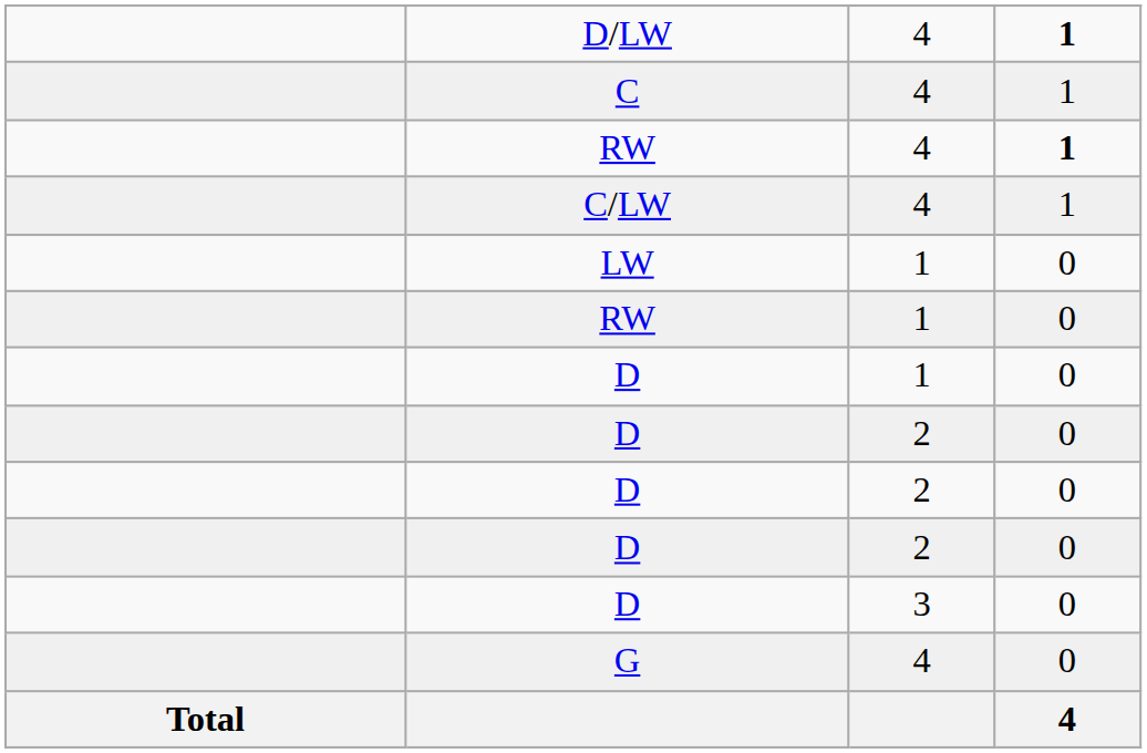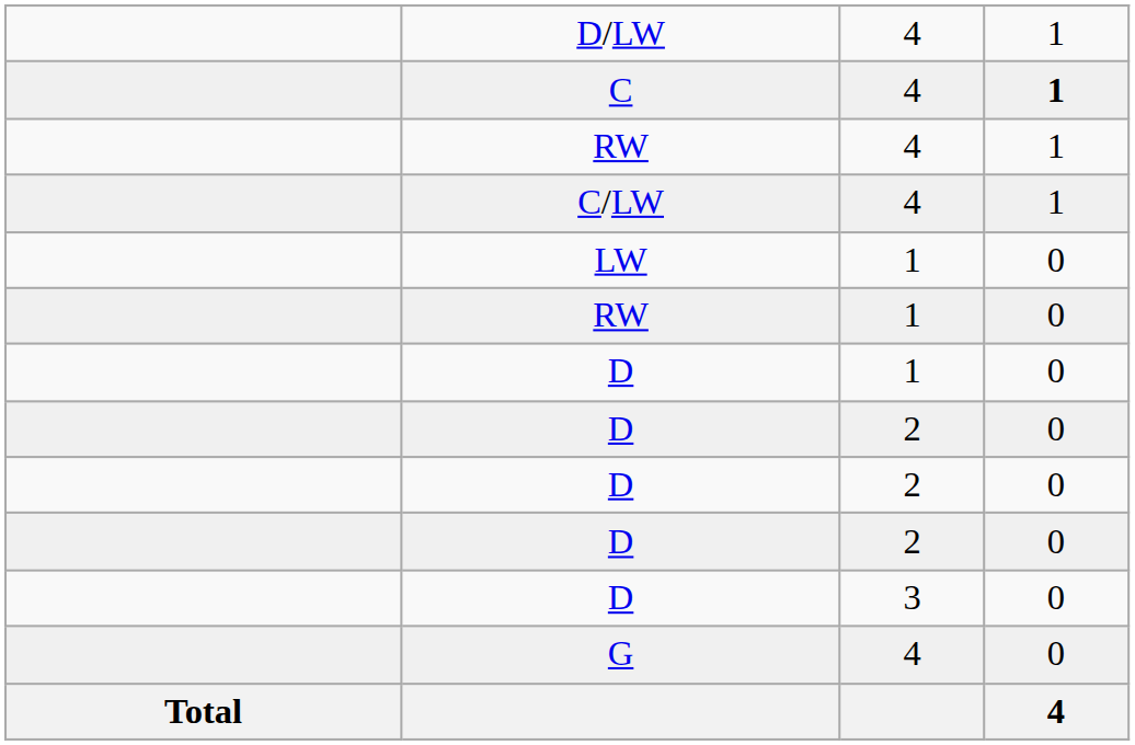 <table class="wikitable sortable" width ="40%">
 <tr align="center">
 </tr>
 <tr align="center" bgcolor="">
 <td></td>
 <td><a href='#'>D</a>/<a href='#'>LW</a></td>
 <td>4</td>
-<td><strong>1</strong></td>
+<td>1</td>
 </tr>
 <tr align="center" bgcolor="f0f0f0">
 <td></td>
 <td><a href='#'>C</a></td>
 <td>4</td>
-<td>1</td>
+<td><strong>1</strong></td>
 </tr>
 <tr align="center" bgcolor="">
 <td></td>
 <td><a href='#'>RW</a></td>
 <td>4</td>
-<td><strong>1</strong></td>
+<td>1</td>
 </tr>
 <tr align="center" bgcolor="f0f0f0">
 <td></td>
 <td><a href='#'>C</a>/<a href='#'>LW</a></td>
 <td>4</td>
 <td>1</td>
 </tr>
 <tr align="center" bgcolor="">
 <td></td>
 <td><a href='#'>LW</a></td>
 <td>1</td>
 <td>0</td>
 </tr>
 <tr align="center" bgcolor="f0f0f0">
 <td></td>
 <td><a href='#'>RW</a></td>
 <td>1</td>
 <td>0</td>
 </tr>
 <tr align="center" bgcolor="">
 <td></td>
 <td><a href='#'>D</a></td>
 <td>1</td>
 <td>0</td>
 </tr>
 <tr align="center" bgcolor="f0f0f0">
 <td></td>
 <td><a href='#'>D</a></td>
 <td>2</td>
 <td>0</td>
 </tr>
 <tr align="center" bgcolor="">
 <td></td>
 <td><a href='#'>D</a></td>
 <td>2</td>
 <td>0</td>
 </tr>
 <tr align="center" bgcolor="f0f0f0">
 <td></td>
 <td><a href='#'>D</a></td>
 <td>2</td>
 <td>0</td>
 </tr>
 <tr align="center" bgcolor="">
 <td></td>
 <td><a href='#'>D</a></td>
 <td>3</td>
 <td>0</td>
 </tr>
 <tr align="center" bgcolor="f0f0f0">
 <td></td>
 <td><a href='#'>G</a></td>
 <td>4</td>
 <td>0</td>
 </tr>
 <tr>
 <th>Total</th>
 <th></th>
 <th></th>
 <th>4</th>
 </tr>
 </table>
